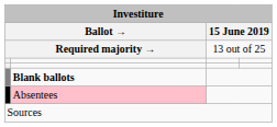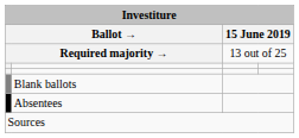 <table class="wikitable" style="text-align:center; font-size:95%;">
 <tr>
 <td colspan="4" align="center" bgcolor="#C0C0C0"><strong>Investiture</strong></td>
 </tr>
 <tr>
 <th colspan="2" width="275px">Ballot →</th>
 <th colspan="2">15 June 2019</th>
 </tr>
 <tr>
 <th colspan="2">Required majority →</th>
 <td colspan="2">13 out of 25</td>
 </tr>
 <tr>
 <th width="1px" style="background:"></th>
 <td align="left"></td>
 <td></td>
 <td></td>
 </tr>
 <tr>
 <th style="color:inherit;background:"></th>
 <td align="left"></td>
 <td></td>
 <td></td>
 </tr>
 <tr>
 <th style="color:inherit;background:gray;"></th>
-<td align="left"><strong>Blank ballots</strong></td>
+<td align="left">Blank ballots</td>
 <td colspan="2"></td>
 </tr>
 <tr>
 <th style="color:inherit;background:black;"></th>
-<td align="left" style="background: pink;">Absentees</td>
+<td align="left">Absentees</td>
 <td colspan="2"></td>
 </tr>
 <tr>
 <td align="left" colspan="4">Sources</td>
 </tr>
 </table>
